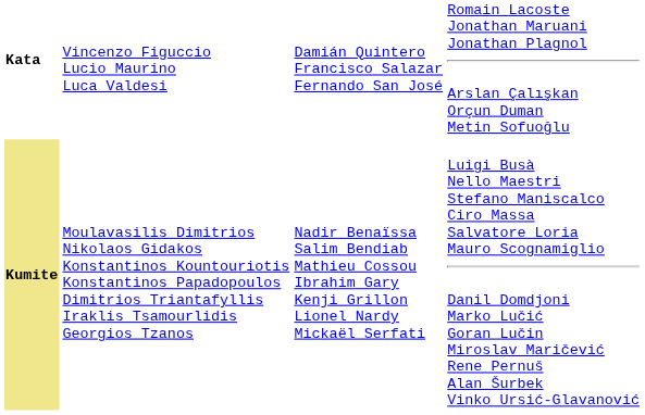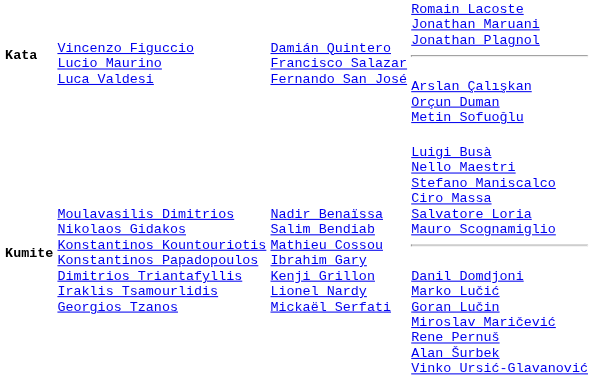 <table>
 <tr>
 <td><strong>Kata</strong></td>
 <td><br><a href='#'>Vincenzo Figuccio</a><br><a href='#'>Lucio Maurino</a><br><a href='#'>Luca Valdesi</a></td>
 <td><br><a href='#'>Damián Quintero</a><br><a href='#'>Francisco Salazar</a><br><a href='#'>Fernando San José</a></td>
 <td><br><a href='#'>Romain Lacoste</a><br><a href='#'>Jonathan Maruani</a><br><a href='#'>Jonathan Plagnol</a><hr><br><a href='#'>Arslan Çalışkan</a><br><a href='#'>Orçun Duman</a><br><a href='#'>Metin Sofuoğlu</a></td>
 </tr>
 <tr>
-<td style="background: khaki;"><strong>Kumite</strong></td>
+<td><strong>Kumite</strong></td>
 <td><br><a href='#'>Moulavasilis Dimitrios</a><br><a href='#'>Nikolaos Gidakos</a><br><a href='#'>Konstantinos Kountouriotis</a><br><a href='#'>Konstantinos Papadopoulos</a><br><a href='#'>Dimitrios Triantafyllis</a><br><a href='#'>Iraklis Tsamourlidis</a><br><a href='#'>Georgios Tzanos</a></td>
 <td><br><a href='#'>Nadir Benaïssa</a><br><a href='#'>Salim Bendiab</a><br><a href='#'>Mathieu Cossou</a><br><a href='#'>Ibrahim Gary</a><br><a href='#'>Kenji Grillon</a><br><a href='#'>Lionel Nardy</a><br><a href='#'>Mickaël Serfati</a></td>
 <td><br><a href='#'>Luigi Busà</a><br><a href='#'>Nello Maestri</a><br><a href='#'>Stefano Maniscalco</a><br><a href='#'>Ciro Massa</a><br><a href='#'>Salvatore Loria</a><br><a href='#'>Mauro Scognamiglio</a><hr><br><a href='#'>Danil Domdjoni</a><br><a href='#'>Marko Lučić</a><br><a href='#'>Goran Lučin</a><br><a href='#'>Miroslav Maričević</a><br><a href='#'>Rene Pernuš</a><br><a href='#'>Alan Šurbek</a><br><a href='#'>Vinko Ursić-Glavanović</a></td>
 </tr>
 </table>
